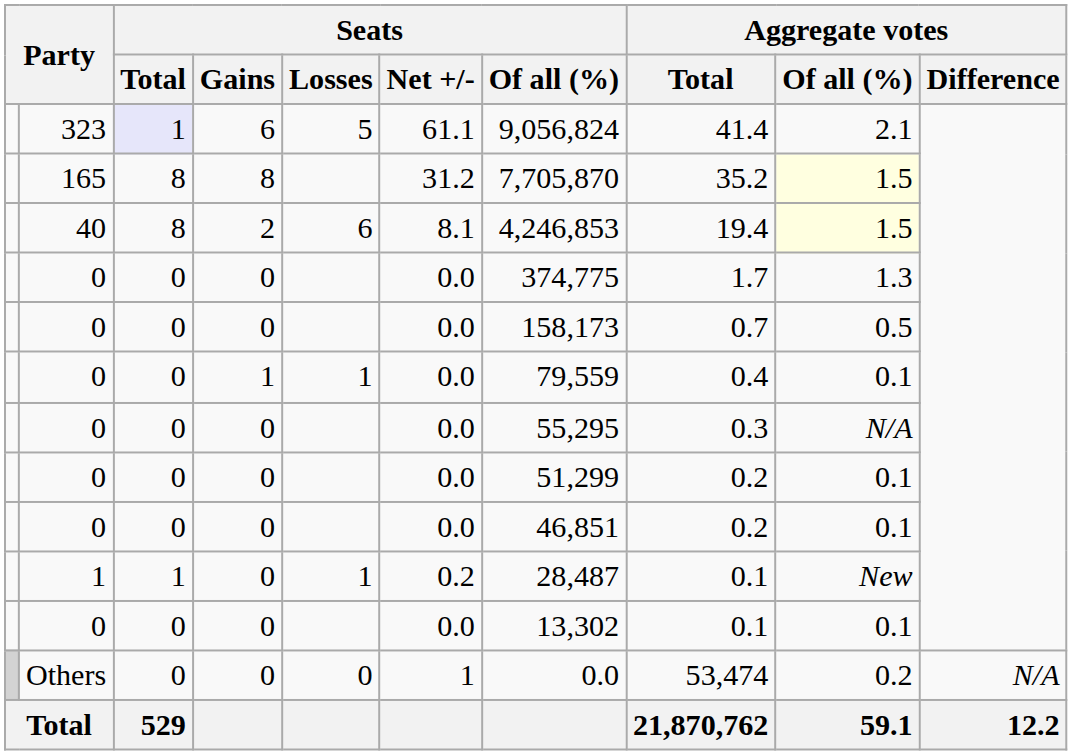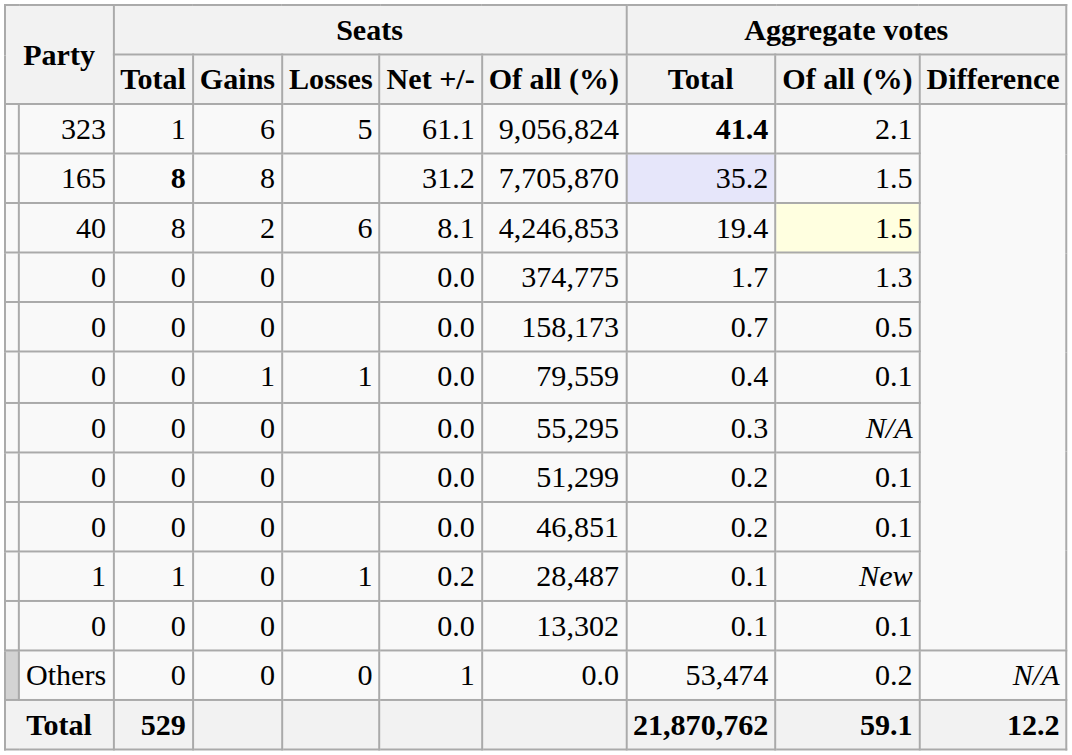 <table class="wikitable sortable" style="text-align:right; font-size:95%;">
 <tr>
 <th colspan="2" rowspan="2">Party</th>
 <th colspan="5">Seats</th>
 <th colspan="3">Aggregate votes</th>
 </tr>
 <tr>
 <th>Total</th>
 <th>Gains</th>
 <th>Losses</th>
 <th>Net +/-</th>
 <th>Of all (%)</th>
 <th>Total</th>
 <th>Of all (%)</th>
 <th>Difference</th>
 </tr>
 <tr>
 <td></td>
 <td align=“right”>323</td>
-<td align=“right” style="background: lavender;">1</td>
+<td align=“right”>1</td>
 <td align=“right”>6</td>
 <td align=“right”>5</td>
 <td align=“right”>61.1</td>
 <td align=“right”>9,056,824</td>
-<td align=“right”>41.4</td>
+<td align=“right”><strong>41.4</strong></td>
 <td align=“right”>2.1</td>
 </tr>
 <tr>
 <td></td>
 <td align=“right”>165</td>
-<td align=“right”>8</td>
+<td align=“right”><strong>8</strong></td>
 <td align=“right”>8</td>
 <td align=“right”></td>
 <td align=“right”>31.2</td>
 <td align=“right”>7,705,870</td>
-<td align=“right”>35.2</td>
-<td align=“right” style="background: lightyellow;">1.5</td>
+<td align=“right” style="background: lavender;">35.2</td>
+<td align=“right”>1.5</td>
 </tr>
 <tr>
 <td></td>
 <td align=“right”>40</td>
 <td align=“right”>8</td>
 <td align=“right”>2</td>
 <td align=“right”>6</td>
 <td align=“right”>8.1</td>
 <td align=“right”>4,246,853</td>
 <td align=“right”>19.4</td>
 <td align=“right” style="background: lightyellow;">1.5</td>
 </tr>
 <tr>
 <td></td>
 <td align=“right”>0</td>
 <td align=“right”>0</td>
 <td align=“right”>0</td>
 <td align=“right”></td>
 <td align=“right”>0.0</td>
 <td align=“right”>374,775</td>
 <td align=“right”>1.7</td>
 <td align=“right”>1.3</td>
 </tr>
 <tr>
 <td></td>
 <td align=“right”>0</td>
 <td align=“right”>0</td>
 <td align=“right”>0</td>
 <td align=“right”></td>
 <td align=“right”>0.0</td>
 <td align=“right”>158,173</td>
 <td align=“right”>0.7</td>
 <td align=“right”>0.5</td>
 </tr>
 <tr>
 <td></td>
 <td align=“right”>0</td>
 <td align=“right”>0</td>
 <td align=“right”>1</td>
 <td align=“right”>1</td>
 <td align=“right”>0.0</td>
 <td align=“right”>79,559</td>
 <td align=“right”>0.4</td>
 <td align=“right”>0.1</td>
 </tr>
 <tr>
 <td></td>
 <td align=“right”>0</td>
 <td align=“right”>0</td>
 <td align=“right”>0</td>
 <td align=“right”></td>
 <td align=“right”>0.0</td>
 <td align=“right”>55,295</td>
 <td align=“right”>0.3</td>
 <td align=“right”><em>N/A</em></td>
 </tr>
 <tr>
 <td></td>
 <td align=“right”>0</td>
 <td align=“right”>0</td>
 <td align=“right”>0</td>
 <td align=“right”></td>
 <td align=“right”>0.0</td>
 <td align=“right”>51,299</td>
 <td align=“right”>0.2</td>
 <td align=“right”>0.1</td>
 </tr>
 <tr>
 <td></td>
 <td align=“right”>0</td>
 <td align=“right”>0</td>
 <td align=“right”>0</td>
 <td align=“right”></td>
 <td align=“right”>0.0</td>
 <td align=“right”>46,851</td>
 <td align=“right”>0.2</td>
 <td align=“right”>0.1</td>
 </tr>
 <tr>
 <td></td>
 <td align=“right”>1</td>
 <td align=“right”>1</td>
 <td align=“right”>0</td>
 <td align=“right”>1</td>
 <td align=“right”>0.2</td>
 <td align=“right”>28,487</td>
 <td align=“right”>0.1</td>
 <td align=“right”><em>New</em></td>
 </tr>
 <tr>
 <td></td>
 <td align=“right”>0</td>
 <td align=“right”>0</td>
 <td align=“right”>0</td>
 <td align=“right”></td>
 <td align=“right”>0.0</td>
 <td align=“right”>13,302</td>
 <td align=“right”>0.1</td>
 <td align=“right”>0.1</td>
 </tr>
 <tr>
 <td bgcolor="lightgrey"></td>
 <td align=left>Others</td>
 <td align=“right”>0</td>
 <td align=“right”>0</td>
 <td align=“right”>0</td>
 <td align="right">1</td>
 <td align=“right”>0.0</td>
 <td align=“right”>53,474</td>
 <td align=“right”>0.2</td>
 <td align=“right”><em>N/A</em></td>
 </tr>
 <tr class="sortbottom">
 <th colspan="2" style="background:#f2f2f2"><strong>Total</strong></th>
 <td style="background:#f2f2f2;"><strong>529</strong></td>
 <td style="background:#f2f2f2;"></td>
 <td style="background:#f2f2f2;"></td>
 <td style="background:#f2f2f2;"></td>
 <td style="background:#f2f2f2;"></td>
 <td style="background:#f2f2f2;"><strong>21,870,762</strong></td>
 <td style="background:#f2f2f2;"><strong>59.1</strong></td>
 <td style="background:#f2f2f2;"><strong>12.2</strong></td>
 </tr>
 </table>
